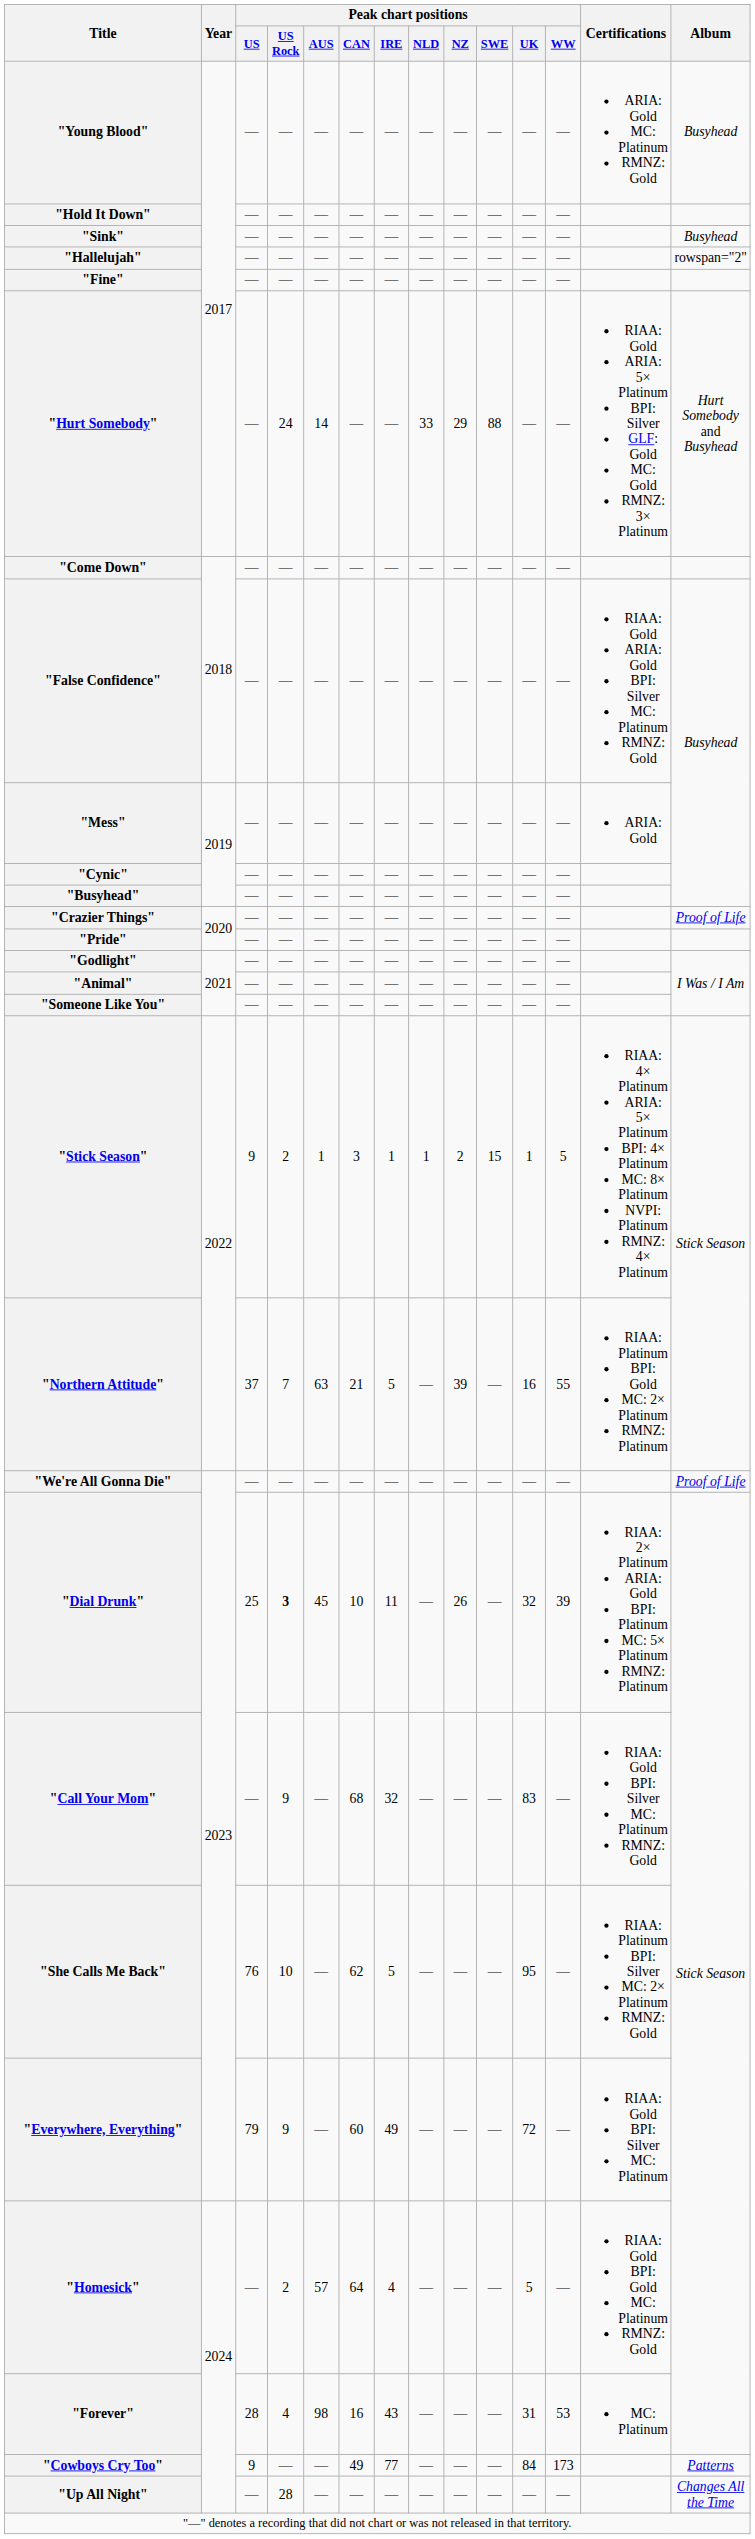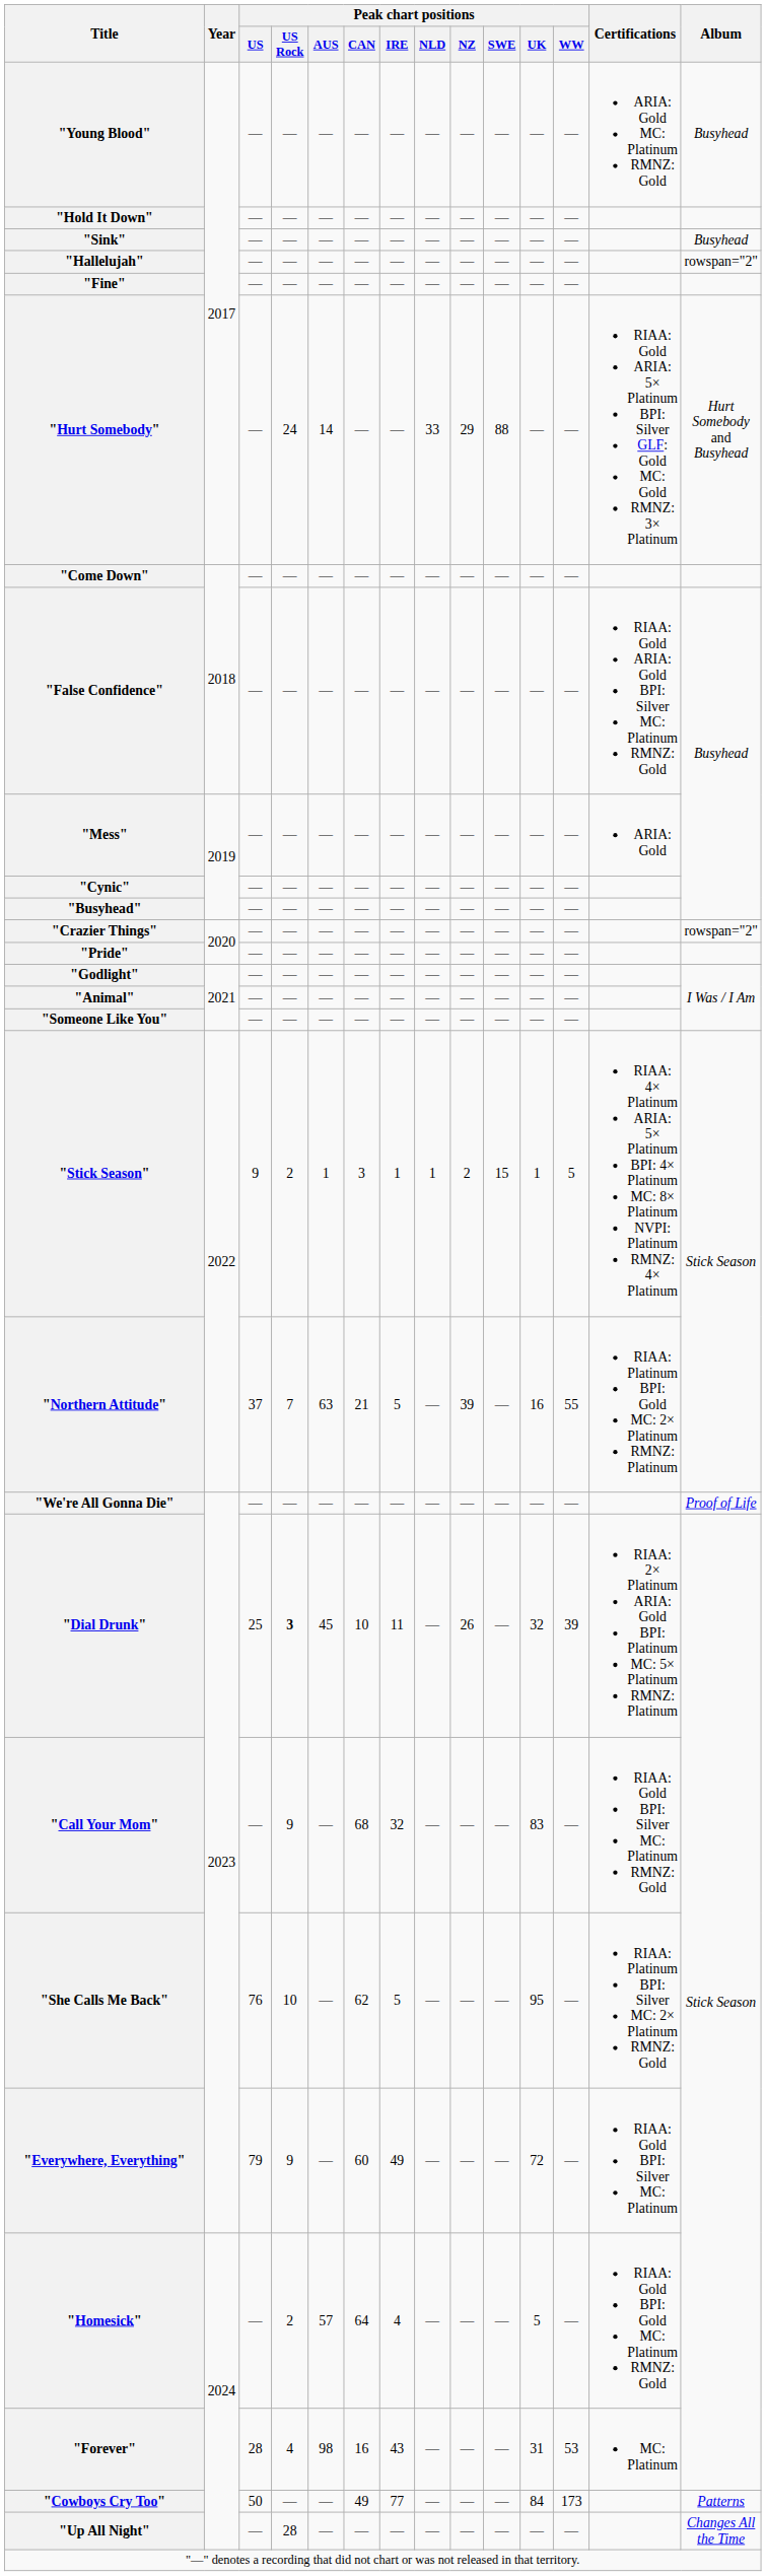 <table class="wikitable plainrowheaders" style="text-align:center;">
 <tr>
 <th scope="col" rowspan="2" style="width:17em;">Title</th>
 <th scope="col" rowspan="2">Year</th>
 <th scope="col" colspan="10">Peak chart positions</th>
 <th scope="col" rowspan="2">Certifications</th>
 <th scope="col" rowspan="2">Album</th>
 </tr>
 <tr>
 <th scope="col" style="width:2.5em;font-size:90%;"><a href='#'>US</a><br></th>
 <th scope="col" style="width:2.5em;font-size:90%;"><a href='#'>US<br>Rock</a><br></th>
 <th scope="col" style="width:2.5em;font-size:90%;"><a href='#'>AUS</a><br></th>
 <th scope="col" style="width:2.5em;font-size:90%;"><a href='#'>CAN</a><br></th>
 <th scope="col" style="width:2.5em;font-size:90%;"><a href='#'>IRE</a><br></th>
 <th scope="col" style="width:2.5em;font-size:90%;"><a href='#'>NLD</a><br></th>
 <th scope="col" style="width:2.5em;font-size:90%;"><a href='#'>NZ</a><br></th>
 <th scope="col" style="width:2.5em;font-size:90%;"><a href='#'>SWE</a><br></th>
 <th scope="col" style="width:2.5em;font-size:90%;"><a href='#'>UK</a><br></th>
 <th scope="col" style="width:2.5em;font-size:90%;"><a href='#'>WW</a><br></th>
 </tr>
 <tr>
 <th scope="row">"Young Blood"</th>
 <td rowspan="6">2017</td>
 <td>—</td>
 <td>—</td>
 <td>—</td>
 <td>—</td>
 <td>—</td>
 <td>—</td>
 <td>—</td>
 <td>—</td>
 <td>—</td>
 <td>—</td>
 <td><br><ul><li>ARIA: Gold</li><li>MC: Platinum</li><li>RMNZ: Gold</li></ul></td>
 <td><em>Busyhead</em></td>
 </tr>
 <tr>
 <th scope="row">"Hold It Down"</th>
 <td>—</td>
 <td>—</td>
 <td>—</td>
 <td>—</td>
 <td>—</td>
 <td>—</td>
 <td>—</td>
 <td>—</td>
 <td>—</td>
 <td>—</td>
 <td></td>
 <td></td>
 </tr>
 <tr>
 <th scope="row">"Sink"</th>
 <td>—</td>
 <td>—</td>
 <td>—</td>
 <td>—</td>
 <td>—</td>
 <td>—</td>
 <td>—</td>
 <td>—</td>
 <td>—</td>
 <td>—</td>
 <td></td>
 <td><em>Busyhead</em></td>
 </tr>
 <tr>
 <th scope="row">"Hallelujah"</th>
 <td>—</td>
 <td>—</td>
 <td>—</td>
 <td>—</td>
 <td>—</td>
 <td>—</td>
 <td>—</td>
 <td>—</td>
 <td>—</td>
 <td>—</td>
 <td></td>
 <td>rowspan="2" </td>
 </tr>
 <tr>
 <th scope="row">"Fine"</th>
 <td>—</td>
 <td>—</td>
 <td>—</td>
 <td>—</td>
 <td>—</td>
 <td>—</td>
 <td>—</td>
 <td>—</td>
 <td>—</td>
 <td>—</td>
 <td></td>
 </tr>
 <tr>
 <th scope="row">"<a href='#'>Hurt Somebody</a>"<br></th>
 <td>—</td>
 <td>24</td>
 <td>14</td>
 <td>—</td>
 <td>—</td>
 <td>33</td>
 <td>29</td>
 <td>88</td>
 <td>—</td>
 <td>—</td>
 <td><br><ul><li>RIAA: Gold</li><li>ARIA: 5× Platinum</li><li>BPI: Silver</li><li><a href='#'>GLF</a>: Gold</li><li>MC: Gold</li><li>RMNZ: 3× Platinum</li></ul></td>
 <td><em>Hurt Somebody</em> and <em>Busyhead</em></td>
 </tr>
 <tr>
 <th scope="row">"Come Down"</th>
 <td rowspan="2">2018</td>
 <td>—</td>
 <td>—</td>
 <td>—</td>
 <td>—</td>
 <td>—</td>
 <td>—</td>
 <td>—</td>
 <td>—</td>
 <td>—</td>
 <td>—</td>
 <td></td>
 <td></td>
 </tr>
 <tr>
 <th scope="row">"False Confidence"</th>
 <td>—</td>
 <td>—</td>
 <td>—</td>
 <td>—</td>
 <td>—</td>
 <td>—</td>
 <td>—</td>
 <td>—</td>
 <td>—</td>
 <td>—</td>
 <td><br><ul><li>RIAA: Gold</li><li>ARIA: Gold</li><li>BPI: Silver</li><li>MC: Platinum</li><li>RMNZ: Gold</li></ul></td>
 <td rowspan="4"><em>Busyhead</em></td>
 </tr>
 <tr>
 <th scope="row">"Mess"</th>
 <td rowspan="3">2019</td>
 <td>—</td>
 <td>—</td>
 <td>—</td>
 <td>—</td>
 <td>—</td>
 <td>—</td>
 <td>—</td>
 <td>—</td>
 <td>—</td>
 <td>—</td>
 <td><br><ul><li>ARIA: Gold</li></ul></td>
 </tr>
 <tr>
 <th scope="row">"Cynic"</th>
 <td>—</td>
 <td>—</td>
 <td>—</td>
 <td>—</td>
 <td>—</td>
 <td>—</td>
 <td>—</td>
 <td>—</td>
 <td>—</td>
 <td>—</td>
 <td></td>
 </tr>
 <tr>
 <th scope="row">"Busyhead"</th>
 <td>—</td>
 <td>—</td>
 <td>—</td>
 <td>—</td>
 <td>—</td>
 <td>—</td>
 <td>—</td>
 <td>—</td>
 <td>—</td>
 <td>—</td>
 <td></td>
 </tr>
 <tr>
 <th scope="row">"Crazier Things"<br></th>
 <td rowspan="2">2020</td>
 <td>—</td>
 <td>—</td>
 <td>—</td>
 <td>—</td>
 <td>—</td>
 <td>—</td>
 <td>—</td>
 <td>—</td>
 <td>—</td>
 <td>—</td>
 <td></td>
-<td><em><a href='#'>Proof of Life</a></em></td>
+<td>rowspan="2" </td>
 </tr>
 <tr>
 <th scope="row">"Pride"<br></th>
 <td>—</td>
 <td>—</td>
 <td>—</td>
 <td>—</td>
 <td>—</td>
 <td>—</td>
 <td>—</td>
 <td>—</td>
 <td>—</td>
 <td>—</td>
 <td></td>
 </tr>
 <tr>
 <th scope="row">"Godlight"</th>
 <td rowspan="3">2021</td>
 <td>—</td>
 <td>—</td>
 <td>—</td>
 <td>—</td>
 <td>—</td>
 <td>—</td>
 <td>—</td>
 <td>—</td>
 <td>—</td>
 <td>—</td>
 <td></td>
 <td rowspan="3"><em>I Was / I Am</em></td>
 </tr>
 <tr>
 <th scope="row">"Animal"</th>
 <td>—</td>
 <td>—</td>
 <td>—</td>
 <td>—</td>
 <td>—</td>
 <td>—</td>
 <td>—</td>
 <td>—</td>
 <td>—</td>
 <td>—</td>
 <td></td>
 </tr>
 <tr>
 <th scope="row">"Someone Like You"<br></th>
 <td>—</td>
 <td>—</td>
 <td>—</td>
 <td>—</td>
 <td>—</td>
 <td>—</td>
 <td>—</td>
 <td>—</td>
 <td>—</td>
 <td>—</td>
 <td></td>
 </tr>
 <tr>
 <th scope="row">"<a href='#'>Stick Season</a>"</th>
 <td rowspan="2">2022</td>
 <td>9</td>
 <td>2</td>
 <td>1</td>
 <td>3</td>
 <td>1</td>
 <td>1</td>
 <td>2</td>
 <td>15</td>
 <td>1</td>
 <td>5</td>
 <td><br><ul><li>RIAA: 4× Platinum</li><li>ARIA: 5× Platinum</li><li>BPI: 4× Platinum</li><li>MC: 8× Platinum</li><li>NVPI: Platinum</li><li>RMNZ: 4× Platinum</li></ul></td>
 <td rowspan="2"><em>Stick Season</em></td>
 </tr>
 <tr>
 <th scope="row">"<a href='#'>Northern Attitude</a>"<br></th>
 <td>37</td>
 <td>7</td>
 <td>63</td>
 <td>21</td>
 <td>5</td>
 <td>—</td>
 <td>39</td>
 <td>—</td>
 <td>16</td>
 <td>55</td>
 <td><br><ul><li>RIAA: Platinum</li><li>BPI: Gold</li><li>MC: 2× Platinum</li><li>RMNZ: Platinum</li></ul></td>
 </tr>
 <tr>
 <th scope="row">"We're All Gonna Die"<br></th>
 <td rowspan="5">2023</td>
 <td>—</td>
 <td>—</td>
 <td>—</td>
 <td>—</td>
 <td>—</td>
 <td>—</td>
 <td>—</td>
 <td>—</td>
 <td>—</td>
 <td>—</td>
 <td></td>
 <td><em><a href='#'>Proof of Life</a></em></td>
 </tr>
 <tr>
 <th scope="row">"<a href='#'>Dial Drunk</a>"<br></th>
 <td>25</td>
 <td><strong>3</strong></td>
 <td>45</td>
 <td>10</td>
 <td>11</td>
 <td>—</td>
 <td>26</td>
 <td>—</td>
 <td>32</td>
 <td>39</td>
 <td><br><ul><li>RIAA: 2× Platinum</li><li>ARIA: Gold</li><li>BPI: Platinum</li><li>MC: 5× Platinum</li><li>RMNZ: Platinum</li></ul></td>
 <td rowspan="6"><em>Stick Season</em></td>
 </tr>
 <tr>
 <th scope="row">"<a href='#'>Call Your Mom</a>"<br></th>
 <td>—</td>
 <td>9</td>
 <td>—</td>
 <td>68</td>
 <td>32</td>
 <td>—</td>
 <td>—</td>
 <td>—</td>
 <td>83</td>
 <td>—</td>
 <td><br><ul><li>RIAA: Gold</li><li>BPI: Silver</li><li>MC: Platinum</li><li>RMNZ: Gold</li></ul></td>
 </tr>
 <tr>
 <th scope="row">"She Calls Me Back"<br></th>
 <td>76</td>
 <td>10</td>
 <td>—</td>
 <td>62</td>
 <td>5</td>
 <td>—</td>
 <td>—</td>
 <td>—</td>
 <td>95</td>
 <td>—</td>
 <td><br><ul><li>RIAA: Platinum</li><li>BPI: Silver</li><li>MC: 2× Platinum</li><li>RMNZ: Gold</li></ul></td>
 </tr>
 <tr>
 <th scope="row">"<a href='#'>Everywhere, Everything</a>"<br></th>
 <td>79</td>
 <td>9</td>
 <td>—</td>
 <td>60</td>
 <td>49<br></td>
 <td>—</td>
 <td>—</td>
 <td>—</td>
 <td>72</td>
 <td>—</td>
 <td><br><ul><li>RIAA: Gold</li><li>BPI: Silver</li><li>MC: Platinum</li></ul></td>
 </tr>
 <tr>
 <th scope="row">"<a href='#'>Homesick</a>"<br></th>
 <td rowspan="4">2024</td>
 <td>—</td>
 <td>2</td>
 <td>57</td>
 <td>64</td>
 <td>4</td>
 <td>—</td>
 <td>—</td>
 <td>—</td>
 <td>5</td>
 <td>—</td>
 <td><br><ul><li>RIAA: Gold</li><li>BPI: Gold</li><li>MC: Platinum</li><li>RMNZ: Gold</li></ul></td>
 </tr>
 <tr>
 <th scope="row">"Forever"</th>
 <td>28</td>
 <td>4</td>
 <td>98</td>
 <td>16</td>
 <td>43</td>
 <td>—</td>
 <td>—</td>
 <td>—</td>
 <td>31</td>
 <td>53</td>
 <td><br><ul><li>MC: Platinum</li></ul></td>
 </tr>
 <tr>
 <th scope="row">"<a href='#'>Cowboys Cry Too</a>"<br></th>
-<td>9</td>
+<td>50</td>
 <td>—</td>
 <td>—</td>
 <td>49</td>
 <td>77<br></td>
 <td>—</td>
 <td>—</td>
 <td>—</td>
 <td>84</td>
 <td>173</td>
 <td></td>
 <td><em><a href='#'>Patterns</a></em></td>
 </tr>
 <tr>
 <th scope="row">"Up All Night"<br></th>
 <td>—</td>
 <td>28</td>
 <td>—</td>
 <td>—</td>
 <td>—</td>
 <td>—</td>
 <td>—</td>
 <td>—</td>
 <td>—</td>
 <td>—</td>
 <td></td>
 <td><em><a href='#'>Changes All the Time</a></em></td>
 </tr>
 <tr>
 <td colspan="14" style="font-size:90%">"—" denotes a recording that did not chart or was not released in that territory.</td>
 </tr>
 </table>
